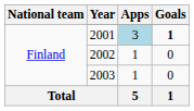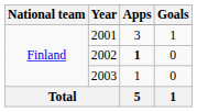 <table class="wikitable" style="text-align:center">
 <tr>
 <th>National team</th>
 <th>Year</th>
 <th>Apps</th>
 <th>Goals</th>
 </tr>
 <tr>
 <td rowspan="4"><a href='#'>Finland</a></td>
 </tr>
 <tr>
 <td>2001</td>
-<td style="background: lightblue;">3</td>
-<td><strong>1</strong></td>
+<td>3</td>
+<td>1</td>
 </tr>
 <tr>
 <td>2002</td>
-<td>1</td>
+<td><strong>1</strong></td>
 <td>0</td>
 </tr>
 <tr>
 <td>2003</td>
 <td>1</td>
 <td>0</td>
 </tr>
 <tr>
 <th colspan="2">Total</th>
 <th>5</th>
 <th>1</th>
 </tr>
 </table>
